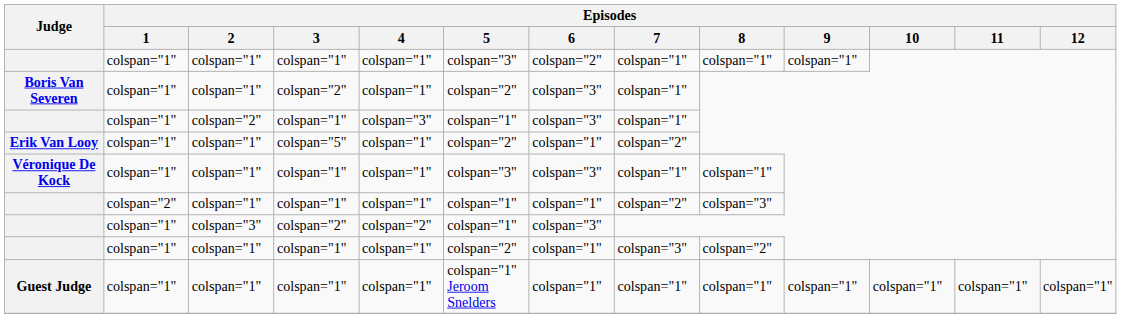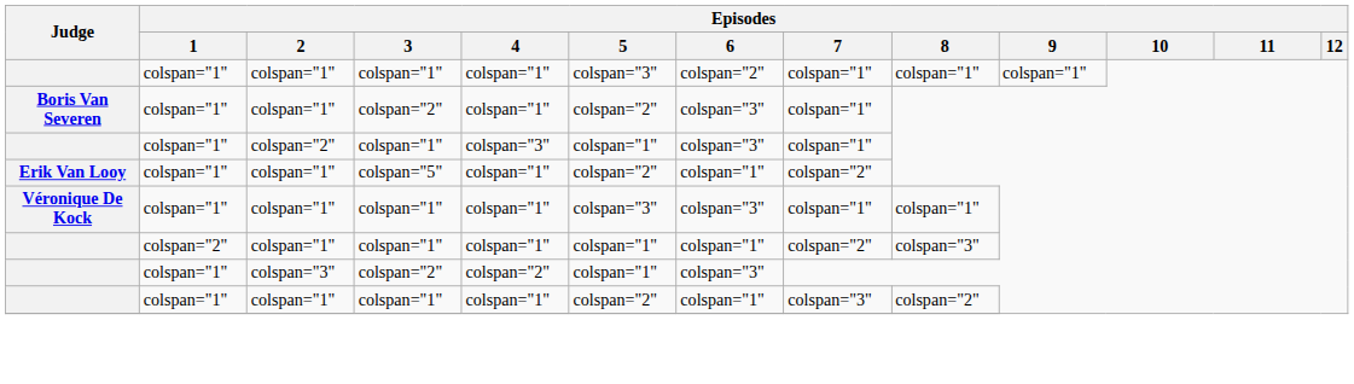 <table class="wikitable plainrowheaders collapsible mw-collapsible" style="width:100%">
 <tr>
 <th rowspan="2" style="width:10%">Judge</th>
 <th colspan="12">Episodes</th>
 </tr>
 <tr>
 <th style="width:8%">1</th>
 <th style="width:8%">2</th>
 <th style="width:8%">3</th>
 <th style="width:8%">4</th>
 <th style="width:8%">5</th>
 <th style="width:8%">6</th>
 <th style="width:8%">7</th>
 <th style="width:8%">8</th>
 <th style="width:8%">9</th>
 <th style="width:8%">10</th>
 <th style="width:8%">11</th>
 <th style="width:8%">12</th>
 </tr>
 <tr>
 <th scope="row" style="text-align:center"></th>
 <td>colspan="1" </td>
 <td>colspan="1" </td>
 <td>colspan="1" </td>
 <td>colspan="1" </td>
 <td>colspan="3" </td>
 <td>colspan="2" </td>
 <td>colspan="1" </td>
 <td>colspan="1" </td>
 <td>colspan="1" </td>
 </tr>
 <tr>
 <th scope="row" style="text-align:center"><a href='#'>Boris Van Severen</a></th>
 <td>colspan="1" </td>
 <td>colspan="1" </td>
 <td>colspan="2" </td>
 <td>colspan="1" </td>
 <td>colspan="2" </td>
 <td>colspan="3" </td>
 <td>colspan="1" </td>
 </tr>
 <tr>
 <th scope="row" style="text-align:center"></th>
 <td>colspan="1" </td>
 <td>colspan="2" </td>
 <td>colspan="1" </td>
 <td>colspan="3" </td>
 <td>colspan="1" </td>
 <td>colspan="3" </td>
 <td>colspan="1" </td>
 </tr>
 <tr>
 <th scope="row" style="text-align:center"><a href='#'>Erik Van Looy</a></th>
 <td>colspan="1" </td>
 <td>colspan="1" </td>
 <td>colspan="5" </td>
 <td>colspan="1" </td>
 <td>colspan="2" </td>
 <td>colspan="1" </td>
 <td>colspan="2" </td>
 </tr>
 <tr>
 <th scope="row" style="text-align:center"><a href='#'>Véronique De Kock</a></th>
 <td>colspan="1" </td>
 <td>colspan="1" </td>
 <td>colspan="1" </td>
 <td>colspan="1" </td>
 <td>colspan="3" </td>
 <td>colspan="3" </td>
 <td>colspan="1" </td>
 <td>colspan="1" </td>
 </tr>
 <tr>
 <th scope="row" style="text-align:center"></th>
 <td>colspan="2" </td>
 <td>colspan="1" </td>
 <td>colspan="1" </td>
 <td>colspan="1" </td>
 <td>colspan="1" </td>
 <td>colspan="1" </td>
 <td>colspan="2" </td>
 <td>colspan="3" </td>
 </tr>
 <tr>
 <th scope="row" style="text-align:center"></th>
 <td>colspan="1" </td>
 <td>colspan="3" </td>
 <td>colspan="2" </td>
 <td>colspan="2" </td>
 <td>colspan="1" </td>
 <td>colspan="3" </td>
 </tr>
 <tr>
 <th scope="row" style="text-align:center"></th>
 <td>colspan="1" </td>
 <td>colspan="1" </td>
 <td>colspan="1" </td>
 <td>colspan="1" </td>
 <td>colspan="2" </td>
 <td>colspan="1" </td>
 <td>colspan="3" </td>
 <td>colspan="2" </td>
 </tr>
 <tr>
-<th scope="row" style="text-align:center">Guest Judge</th>
-<td>colspan="1"  </td>
-<td>colspan="1"  </td>
-<td>colspan="1"  </td>
-<td>colspan="1"  </td>
-<td>colspan="1"  <a href='#'>Jeroom Snelders</a></td>
-<td>colspan="1"  </td>
-<td>colspan="1" </td>
-<td>colspan="1"  </td>
-<td>colspan="1"  </td>
-<td>colspan="1" </td>
-<td>colspan="1" </td>
-<td>colspan="1" </td>
-</tr>
-<tr>
 </tr>
 </table>
